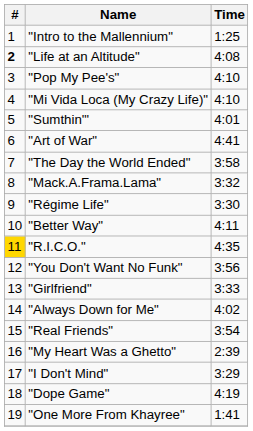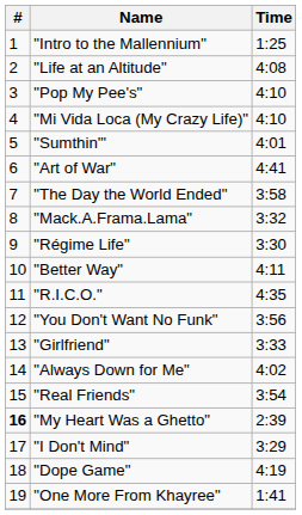 <table class="wikitable">
 <tr>
 <th align="center">#</th>
 <th align="center">Name</th>
 <th align="center">Time</th>
 </tr>
 <tr>
 <td>1</td>
 <td>"Intro to the Mallennium"</td>
 <td>1:25</td>
 </tr>
 <tr>
-<td><strong>2</strong></td>
+<td>2</td>
 <td>"Life at an Altitude"</td>
 <td>4:08</td>
 </tr>
 <tr>
 <td>3</td>
 <td>"Pop My Pee's"</td>
 <td>4:10</td>
 </tr>
 <tr>
 <td>4</td>
 <td>"Mi Vida Loca (My Crazy Life)"</td>
 <td>4:10</td>
 </tr>
 <tr>
 <td>5</td>
 <td>"Sumthin'"</td>
 <td>4:01</td>
 </tr>
 <tr>
 <td>6</td>
 <td>"Art of War"</td>
 <td>4:41</td>
 </tr>
 <tr>
 <td>7</td>
 <td>"The Day the World Ended"</td>
 <td>3:58</td>
 </tr>
 <tr>
 <td>8</td>
 <td>"Mack.A.Frama.Lama"</td>
 <td>3:32</td>
 </tr>
 <tr>
 <td>9</td>
 <td>"Régime Life"</td>
 <td>3:30</td>
 </tr>
 <tr>
 <td>10</td>
 <td>"Better Way"</td>
 <td>4:11</td>
 </tr>
 <tr>
-<td style="background: gold;">11</td>
+<td>11</td>
 <td>"R.I.C.O."</td>
 <td>4:35</td>
 </tr>
 <tr>
 <td>12</td>
 <td>"You Don't Want No Funk"</td>
 <td>3:56</td>
 </tr>
 <tr>
 <td>13</td>
 <td>"Girlfriend"</td>
 <td>3:33</td>
 </tr>
 <tr>
 <td>14</td>
 <td>"Always Down for Me"</td>
 <td>4:02</td>
 </tr>
 <tr>
 <td>15</td>
 <td>"Real Friends"</td>
 <td>3:54</td>
 </tr>
 <tr>
-<td>16</td>
+<td><strong>16</strong></td>
 <td>"My Heart Was a Ghetto"</td>
 <td>2:39</td>
 </tr>
 <tr>
 <td>17</td>
 <td>"I Don't Mind"</td>
 <td>3:29</td>
 </tr>
 <tr>
 <td>18</td>
 <td>"Dope Game"</td>
 <td>4:19</td>
 </tr>
 <tr>
 <td>19</td>
 <td>"One More From Khayree"</td>
 <td>1:41</td>
 </tr>
 <tr>
 </tr>
 </table>
